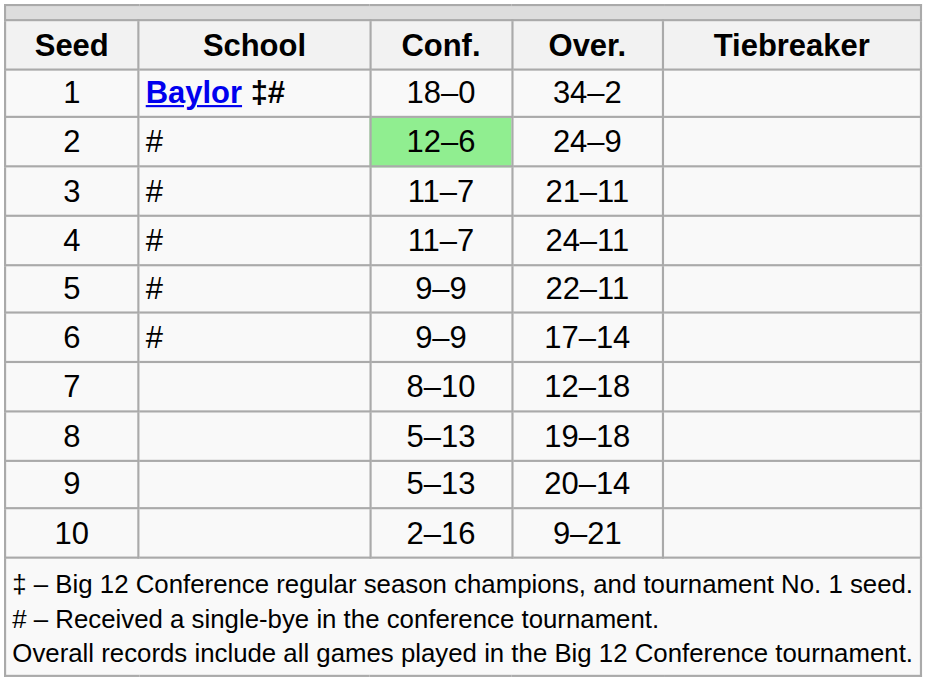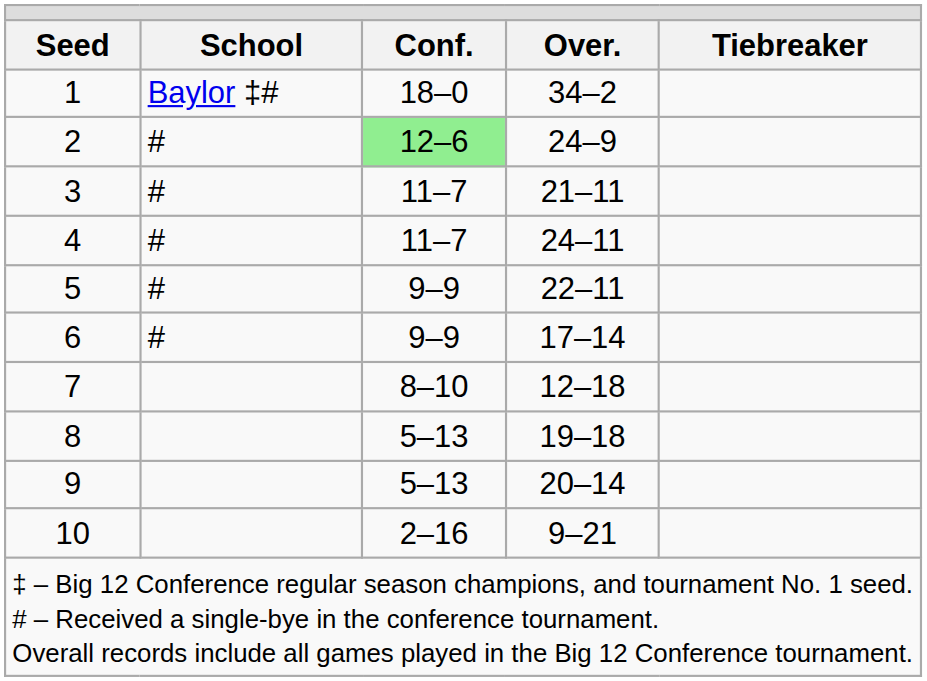 <table class="wikitable" style="white-space:nowrap; font-size:90%;text-align:center">
 <tr>
 <td colspan="10" style="text-align:center; background:#DDDDDD; font:#000000"><strong></strong></td>
 </tr>
 <tr bgcolor="#efefef">
 <th>Seed</th>
 <th>School</th>
 <th>Conf.</th>
 <th>Over.</th>
 <th>Tiebreaker</th>
 </tr>
 <tr>
 <td>1</td>
-<td align=left><strong><a href='#'>Baylor</a> ‡#</strong></td>
+<td align=left><a href='#'>Baylor</a> ‡#</td>
 <td>18–0</td>
 <td>34–2</td>
 <td></td>
 </tr>
 <tr>
 <td>2</td>
 <td align=left> #</td>
 <td style="background: lightgreen;">12–6</td>
 <td>24–9</td>
 <td></td>
 </tr>
 <tr>
 <td>3</td>
 <td align=left> #</td>
 <td>11–7</td>
 <td>21–11</td>
 <td></td>
 </tr>
 <tr>
 <td>4</td>
 <td align=left> #</td>
 <td>11–7</td>
 <td>24–11</td>
 <td></td>
 </tr>
 <tr>
 <td>5</td>
 <td align=left> #</td>
 <td>9–9</td>
 <td>22–11</td>
 <td></td>
 </tr>
 <tr>
 <td>6</td>
 <td align=left> #</td>
 <td>9–9</td>
 <td>17–14</td>
 <td></td>
 </tr>
 <tr>
 <td>7</td>
 <td align=left></td>
 <td>8–10</td>
 <td>12–18</td>
 <td></td>
 </tr>
 <tr>
 <td>8</td>
 <td align=left></td>
 <td>5–13</td>
 <td>19–18</td>
 <td></td>
 </tr>
 <tr>
 <td>9</td>
 <td align=left></td>
 <td>5–13</td>
 <td>20–14</td>
 <td></td>
 </tr>
 <tr>
 <td>10</td>
 <td align=left></td>
 <td>2–16</td>
 <td>9–21</td>
 <td></td>
 </tr>
 <tr>
 <td colspan="10" style="text-align:left;"><small>‡ – Big 12 Conference regular season champions, and tournament No. 1 seed.<br># – Received a single-bye in the conference tournament.<br>Overall records include all games played in the Big 12 Conference tournament.</small></td>
 </tr>
 </table>
